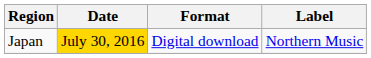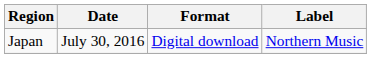 <table class="wikitable sortable plainrowheaders">
 <tr>
 <th scope="col">Region</th>
 <th scope="col">Date</th>
 <th scope="col">Format</th>
 <th scope="col">Label</th>
 </tr>
 <tr>
 <td>Japan</td>
-<td style="background: gold;">July 30, 2016</td>
+<td>July 30, 2016</td>
 <td><a href='#'>Digital download</a></td>
 <td><a href='#'>Northern Music</a></td>
 </tr>
 <tr>
 </tr>
 </table>
